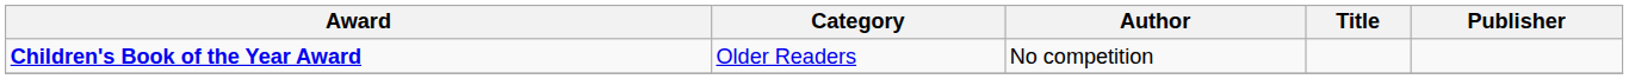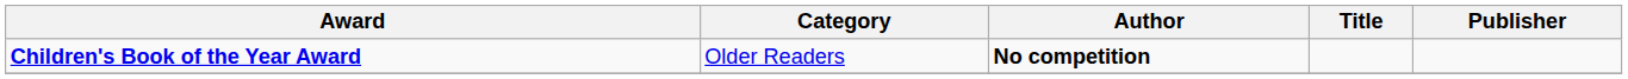 <table class="wikitable" width=95%>
 <tr>
 <th>Award</th>
 <th>Category</th>
 <th>Author</th>
 <th>Title</th>
 <th>Publisher</th>
 </tr>
 <tr>
 <td><strong><a href='#'>Children's Book of the Year Award</a></strong></td>
 <td><a href='#'>Older Readers</a></td>
-<td>No competition</td>
+<td><strong>No competition</strong></td>
 <td></td>
 <td></td>
 </tr>
 <tr>
 </tr>
 </table>
